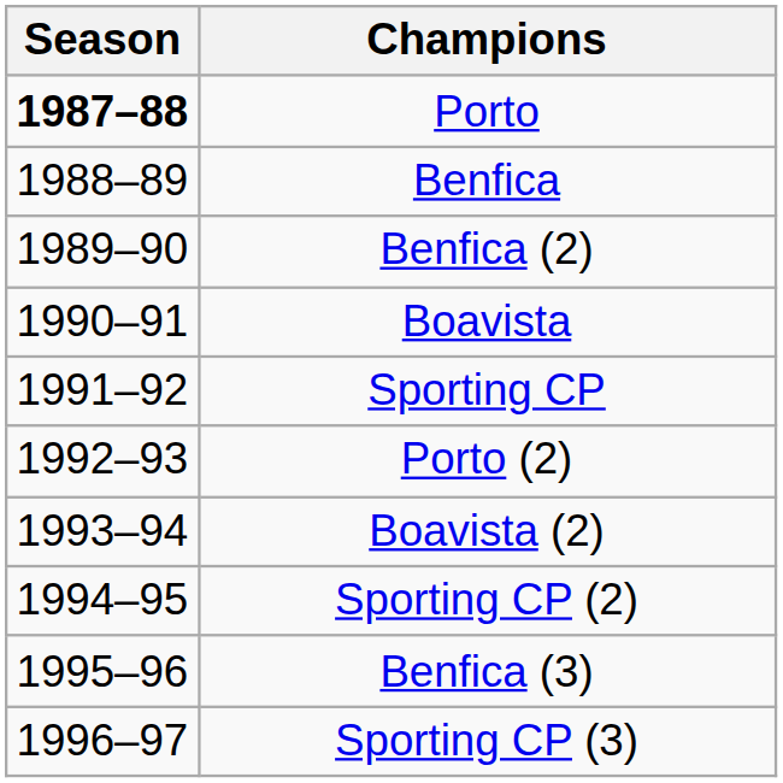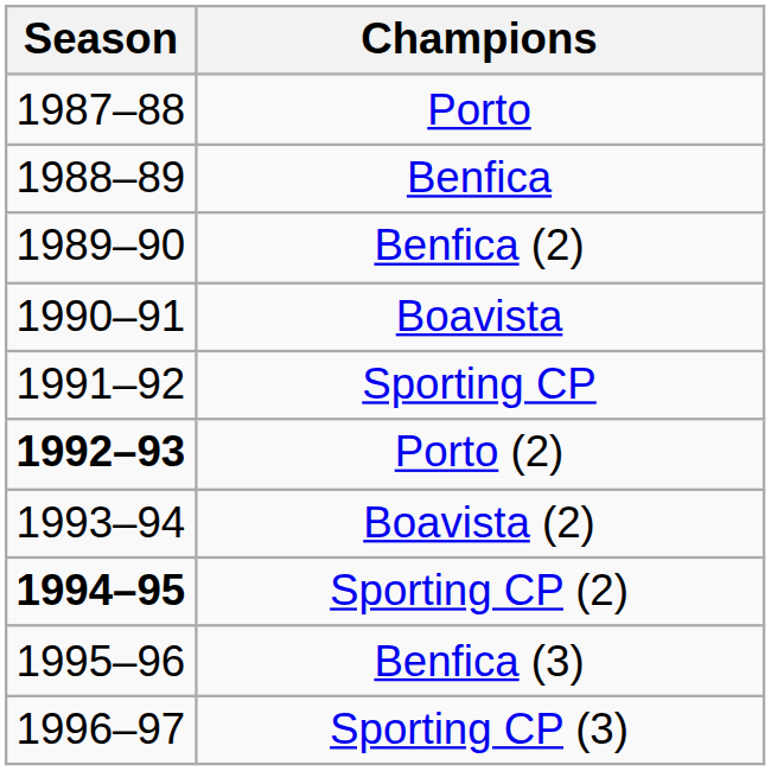 <table class="wikitable" style="text-align:center;">
 <tr>
 <th width="25%">Season</th>
 <th width="75%">Champions</th>
 </tr>
 <tr>
-<td><strong>1987–88</strong></td>
+<td>1987–88</td>
 <td><a href='#'>Porto</a></td>
 </tr>
 <tr>
 <td>1988–89</td>
 <td><a href='#'>Benfica</a></td>
 </tr>
 <tr>
 <td>1989–90</td>
 <td><a href='#'>Benfica</a> (2)</td>
 </tr>
 <tr>
 <td>1990–91</td>
 <td><a href='#'>Boavista</a></td>
 </tr>
 <tr>
 <td>1991–92</td>
 <td><a href='#'>Sporting CP</a></td>
 </tr>
 <tr>
-<td>1992–93</td>
+<td><strong>1992–93</strong></td>
 <td><a href='#'>Porto</a> (2)</td>
 </tr>
 <tr>
 <td>1993–94</td>
 <td><a href='#'>Boavista</a> (2)</td>
 </tr>
 <tr>
-<td>1994–95</td>
+<td><strong>1994–95</strong></td>
 <td><a href='#'>Sporting CP</a> (2)</td>
 </tr>
 <tr>
 <td>1995–96</td>
 <td><a href='#'>Benfica</a> (3)</td>
 </tr>
 <tr>
 <td>1996–97</td>
 <td><a href='#'>Sporting CP</a> (3)</td>
 </tr>
 </table>
